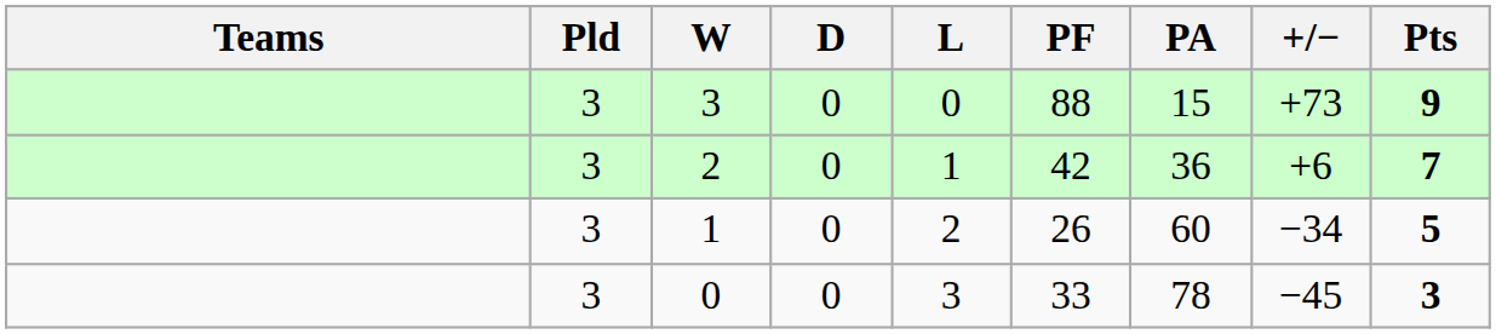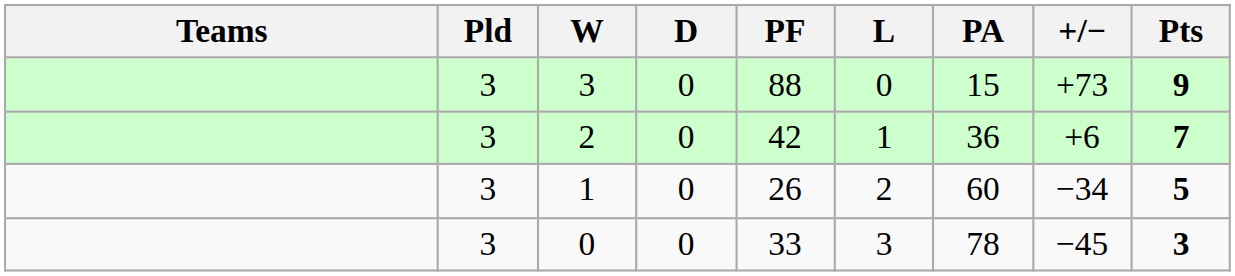 <table class="wikitable" style="text-align: center;">
 <tr>
 <th width="200">Teams</th>
 <th width="40">Pld</th>
 <th width="40">W</th>
 <th width="40">D</th>
+<th width="40">PF</th>
 <th width="40">L</th>
-<th width="40">PF</th>
 <th width="40">PA</th>
 <th width="40">+/−</th>
 <th width="40">Pts</th>
 </tr>
 <tr bgcolor=ccffcc>
 <td align=left></td>
 <td>3</td>
 <td>3</td>
 <td>0</td>
+<td>88</td>
 <td>0</td>
-<td>88</td>
 <td>15</td>
 <td>+73</td>
 <td><strong>9</strong></td>
 </tr>
 <tr bgcolor=ccffcc>
 <td align=left></td>
 <td>3</td>
 <td>2</td>
 <td>0</td>
+<td>42</td>
 <td>1</td>
-<td>42</td>
 <td>36</td>
 <td>+6</td>
 <td><strong>7</strong></td>
 </tr>
 <tr>
 <td align=left></td>
 <td>3</td>
 <td>1</td>
 <td>0</td>
+<td>26</td>
 <td>2</td>
-<td>26</td>
 <td>60</td>
 <td>−34</td>
 <td><strong>5</strong></td>
 </tr>
 <tr>
 <td align=left></td>
 <td>3</td>
 <td>0</td>
 <td>0</td>
+<td>33</td>
 <td>3</td>
-<td>33</td>
 <td>78</td>
 <td>−45</td>
 <td><strong>3</strong></td>
 </tr>
 </table>
